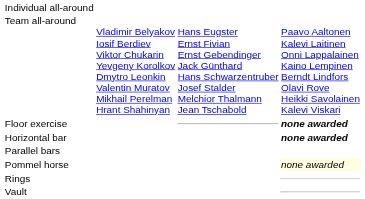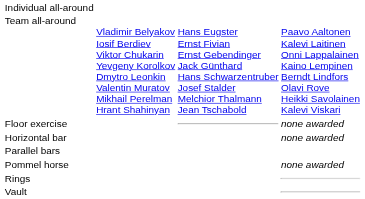 <table>
 <tr valign="top">
 <td>Individual all-around<br></td>
 <td></td>
 <td></td>
 <td></td>
 </tr>
 <tr valign="top">
 <td>Team all-around<br></td>
 <td><br><a href='#'>Vladimir Belyakov</a><br><a href='#'>Iosif Berdiev</a><br><a href='#'>Viktor Chukarin</a> <br><a href='#'>Yevgeny Korolkov</a><br><a href='#'>Dmytro Leonkin</a><br><a href='#'>Valentin Muratov</a><br><a href='#'>Mikhail Perelman</a><br><a href='#'>Hrant Shahinyan</a></td>
 <td><br><a href='#'>Hans Eugster</a><br><a href='#'>Ernst Fivian</a><br><a href='#'>Ernst Gebendinger</a><br><a href='#'>Jack Günthard</a><br><a href='#'>Hans Schwarzentruber</a><br><a href='#'>Josef Stalder</a><br><a href='#'>Melchior Thalmann</a><br><a href='#'>Jean Tschabold</a></td>
 <td><br><a href='#'>Paavo Aaltonen</a><br><a href='#'>Kalevi Laitinen</a><br><a href='#'>Onni Lappalainen</a> <br><a href='#'>Kaino Lempinen</a><br><a href='#'>Berndt Lindfors</a><br><a href='#'>Olavi Rove</a><br><a href='#'>Heikki Savolainen</a><br><a href='#'>Kalevi Viskari</a></td>
 </tr>
 <tr valign="top">
 <td>Floor exercise<br></td>
 <td></td>
 <td> <hr> </td>
-<td><strong><em>none awarded</em></strong></td>
+<td><em>none awarded</em></td>
 </tr>
 <tr valign="top">
 <td>Horizontal bar<br></td>
 <td></td>
 <td> <br> </td>
-<td><strong><em>none awarded</em></strong></td>
+<td><em>none awarded</em></td>
 </tr>
 <tr valign="top">
 <td>Parallel bars<br></td>
 <td></td>
 <td></td>
 <td></td>
 </tr>
 <tr valign="top">
 <td>Pommel horse<br></td>
 <td></td>
 <td><br> </td>
-<td style="background: lightyellow;"><em>none awarded</em></td>
+<td><em>none awarded</em></td>
 </tr>
 <tr valign="top">
 <td>Rings<br></td>
 <td></td>
 <td></td>
 <td> <hr> </td>
 </tr>
 <tr valign="top">
 <td>Vault<br></td>
 <td></td>
 <td></td>
 <td> <hr> </td>
 </tr>
 </table>
